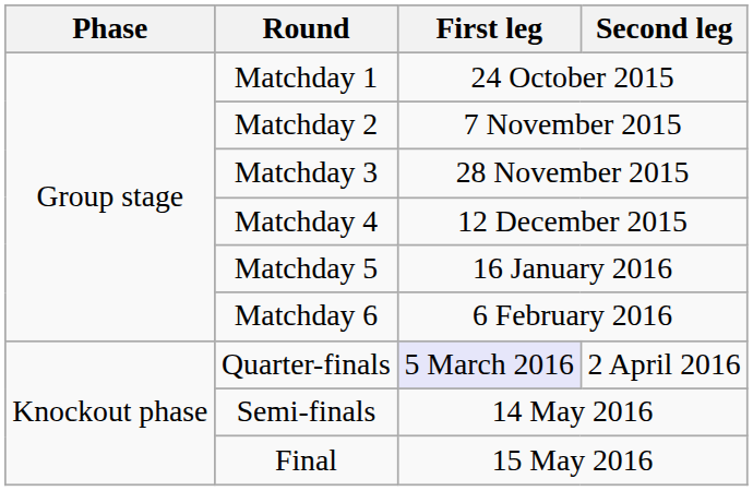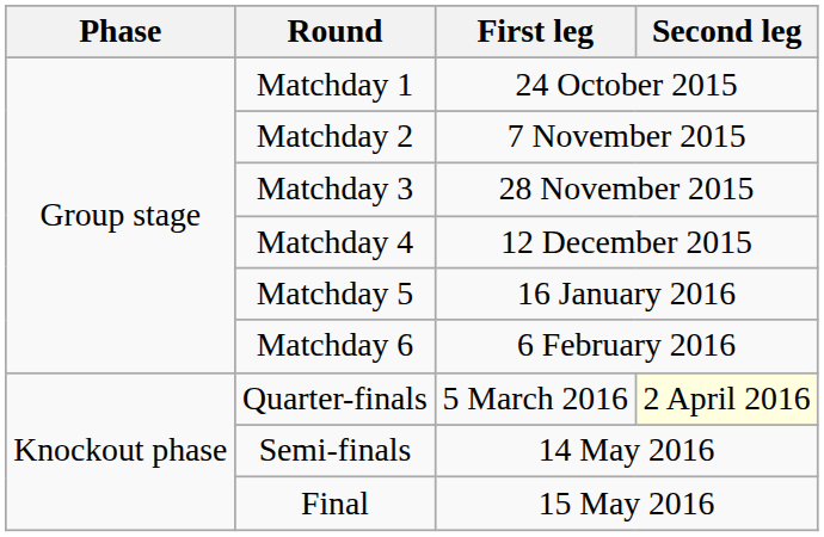 <table class="wikitable" style="text-align:center">
 <tr>
 <th>Phase</th>
 <th>Round</th>
 <th>First leg</th>
 <th>Second leg</th>
 </tr>
 <tr>
 <td rowspan=6>Group stage</td>
 <td>Matchday 1</td>
 <td colspan=2>24 October 2015</td>
 </tr>
 <tr>
 <td>Matchday 2</td>
 <td colspan=2>7 November 2015</td>
 </tr>
 <tr>
 <td>Matchday 3</td>
 <td colspan=2>28 November 2015</td>
 </tr>
 <tr>
 <td>Matchday 4</td>
 <td colspan=2>12 December 2015</td>
 </tr>
 <tr>
 <td>Matchday 5</td>
 <td colspan=2>16 January 2016</td>
 </tr>
 <tr>
 <td>Matchday 6</td>
 <td colspan=2>6 February 2016</td>
 </tr>
 <tr>
 <td rowspan=3>Knockout phase</td>
 <td>Quarter-finals</td>
-<td style="background: lavender;">5 March 2016</td>
-<td>2 April 2016</td>
+<td>5 March 2016</td>
+<td style="background: lightyellow;">2 April 2016</td>
 </tr>
 <tr>
 <td>Semi-finals</td>
 <td colspan=2>14 May 2016</td>
 </tr>
 <tr>
 <td>Final</td>
 <td colspan=2>15 May 2016</td>
 </tr>
 </table>
